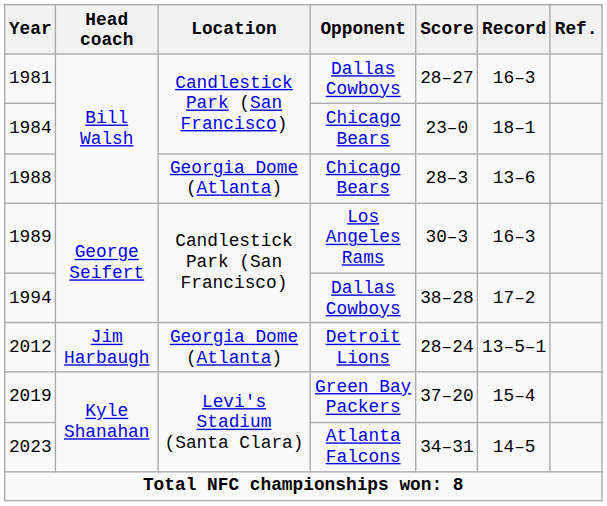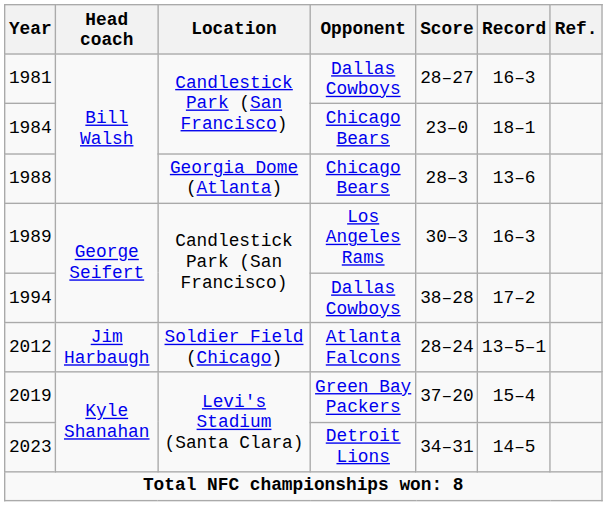 <table class="wikitable" style="width:70%;text-align:center">
 <tr>
 <th>Year</th>
 <th>Head coach</th>
 <th>Location</th>
 <th>Opponent</th>
 <th>Score</th>
 <th>Record</th>
 <th>Ref.</th>
 </tr>
 <tr>
 <td>1981</td>
 <td rowspan="3"><a href='#'>Bill Walsh</a></td>
 <td rowspan="2"><a href='#'>Candlestick Park</a> (<a href='#'>San Francisco</a>)</td>
 <td><a href='#'>Dallas Cowboys</a></td>
 <td>28–27</td>
 <td>16–3</td>
 <td></td>
 </tr>
 <tr>
 <td>1984</td>
 <td><a href='#'>Chicago Bears</a></td>
 <td>23–0</td>
 <td>18–1</td>
 <td></td>
 </tr>
 <tr>
 <td>1988</td>
 <td><a href='#'>Georgia Dome</a> (<a href='#'>Atlanta</a>)</td>
 <td><a href='#'>Chicago Bears</a></td>
 <td>28–3</td>
 <td>13–6</td>
 <td></td>
 </tr>
 <tr>
 <td>1989</td>
 <td rowspan="2"><a href='#'>George Seifert</a></td>
 <td rowspan="2">Candlestick Park (San Francisco)</td>
 <td><a href='#'>Los Angeles Rams</a></td>
 <td>30–3</td>
 <td>16–3</td>
 <td></td>
 </tr>
 <tr>
 <td>1994</td>
 <td><a href='#'>Dallas Cowboys</a></td>
 <td>38–28</td>
 <td>17–2</td>
 <td></td>
 </tr>
 <tr>
 <td>2012</td>
 <td><a href='#'>Jim Harbaugh</a></td>
-<td><a href='#'>Georgia Dome</a> (<a href='#'>Atlanta</a>)</td>
-<td><a href='#'>Detroit Lions</a></td>
+<td><a href='#'>Soldier Field</a> (<a href='#'>Chicago</a>)</td>
+<td><a href='#'>Atlanta Falcons</a></td>
 <td>28–24</td>
 <td>13–5–1</td>
 <td></td>
 </tr>
 <tr>
 <td>2019</td>
 <td rowspan="2"><a href='#'>Kyle Shanahan</a></td>
 <td rowspan="2"><a href='#'>Levi's Stadium</a> (Santa Clara)</td>
 <td><a href='#'>Green Bay Packers</a></td>
 <td>37–20</td>
 <td>15–4</td>
 <td></td>
 </tr>
 <tr>
 <td>2023</td>
-<td><a href='#'>Atlanta Falcons</a></td>
+<td><a href='#'>Detroit Lions</a></td>
 <td>34–31</td>
 <td>14–5</td>
 <td></td>
 </tr>
 <tr>
 <td colspan="7"><strong>Total NFC championships won: 8</strong></td>
 </tr>
 </table>
